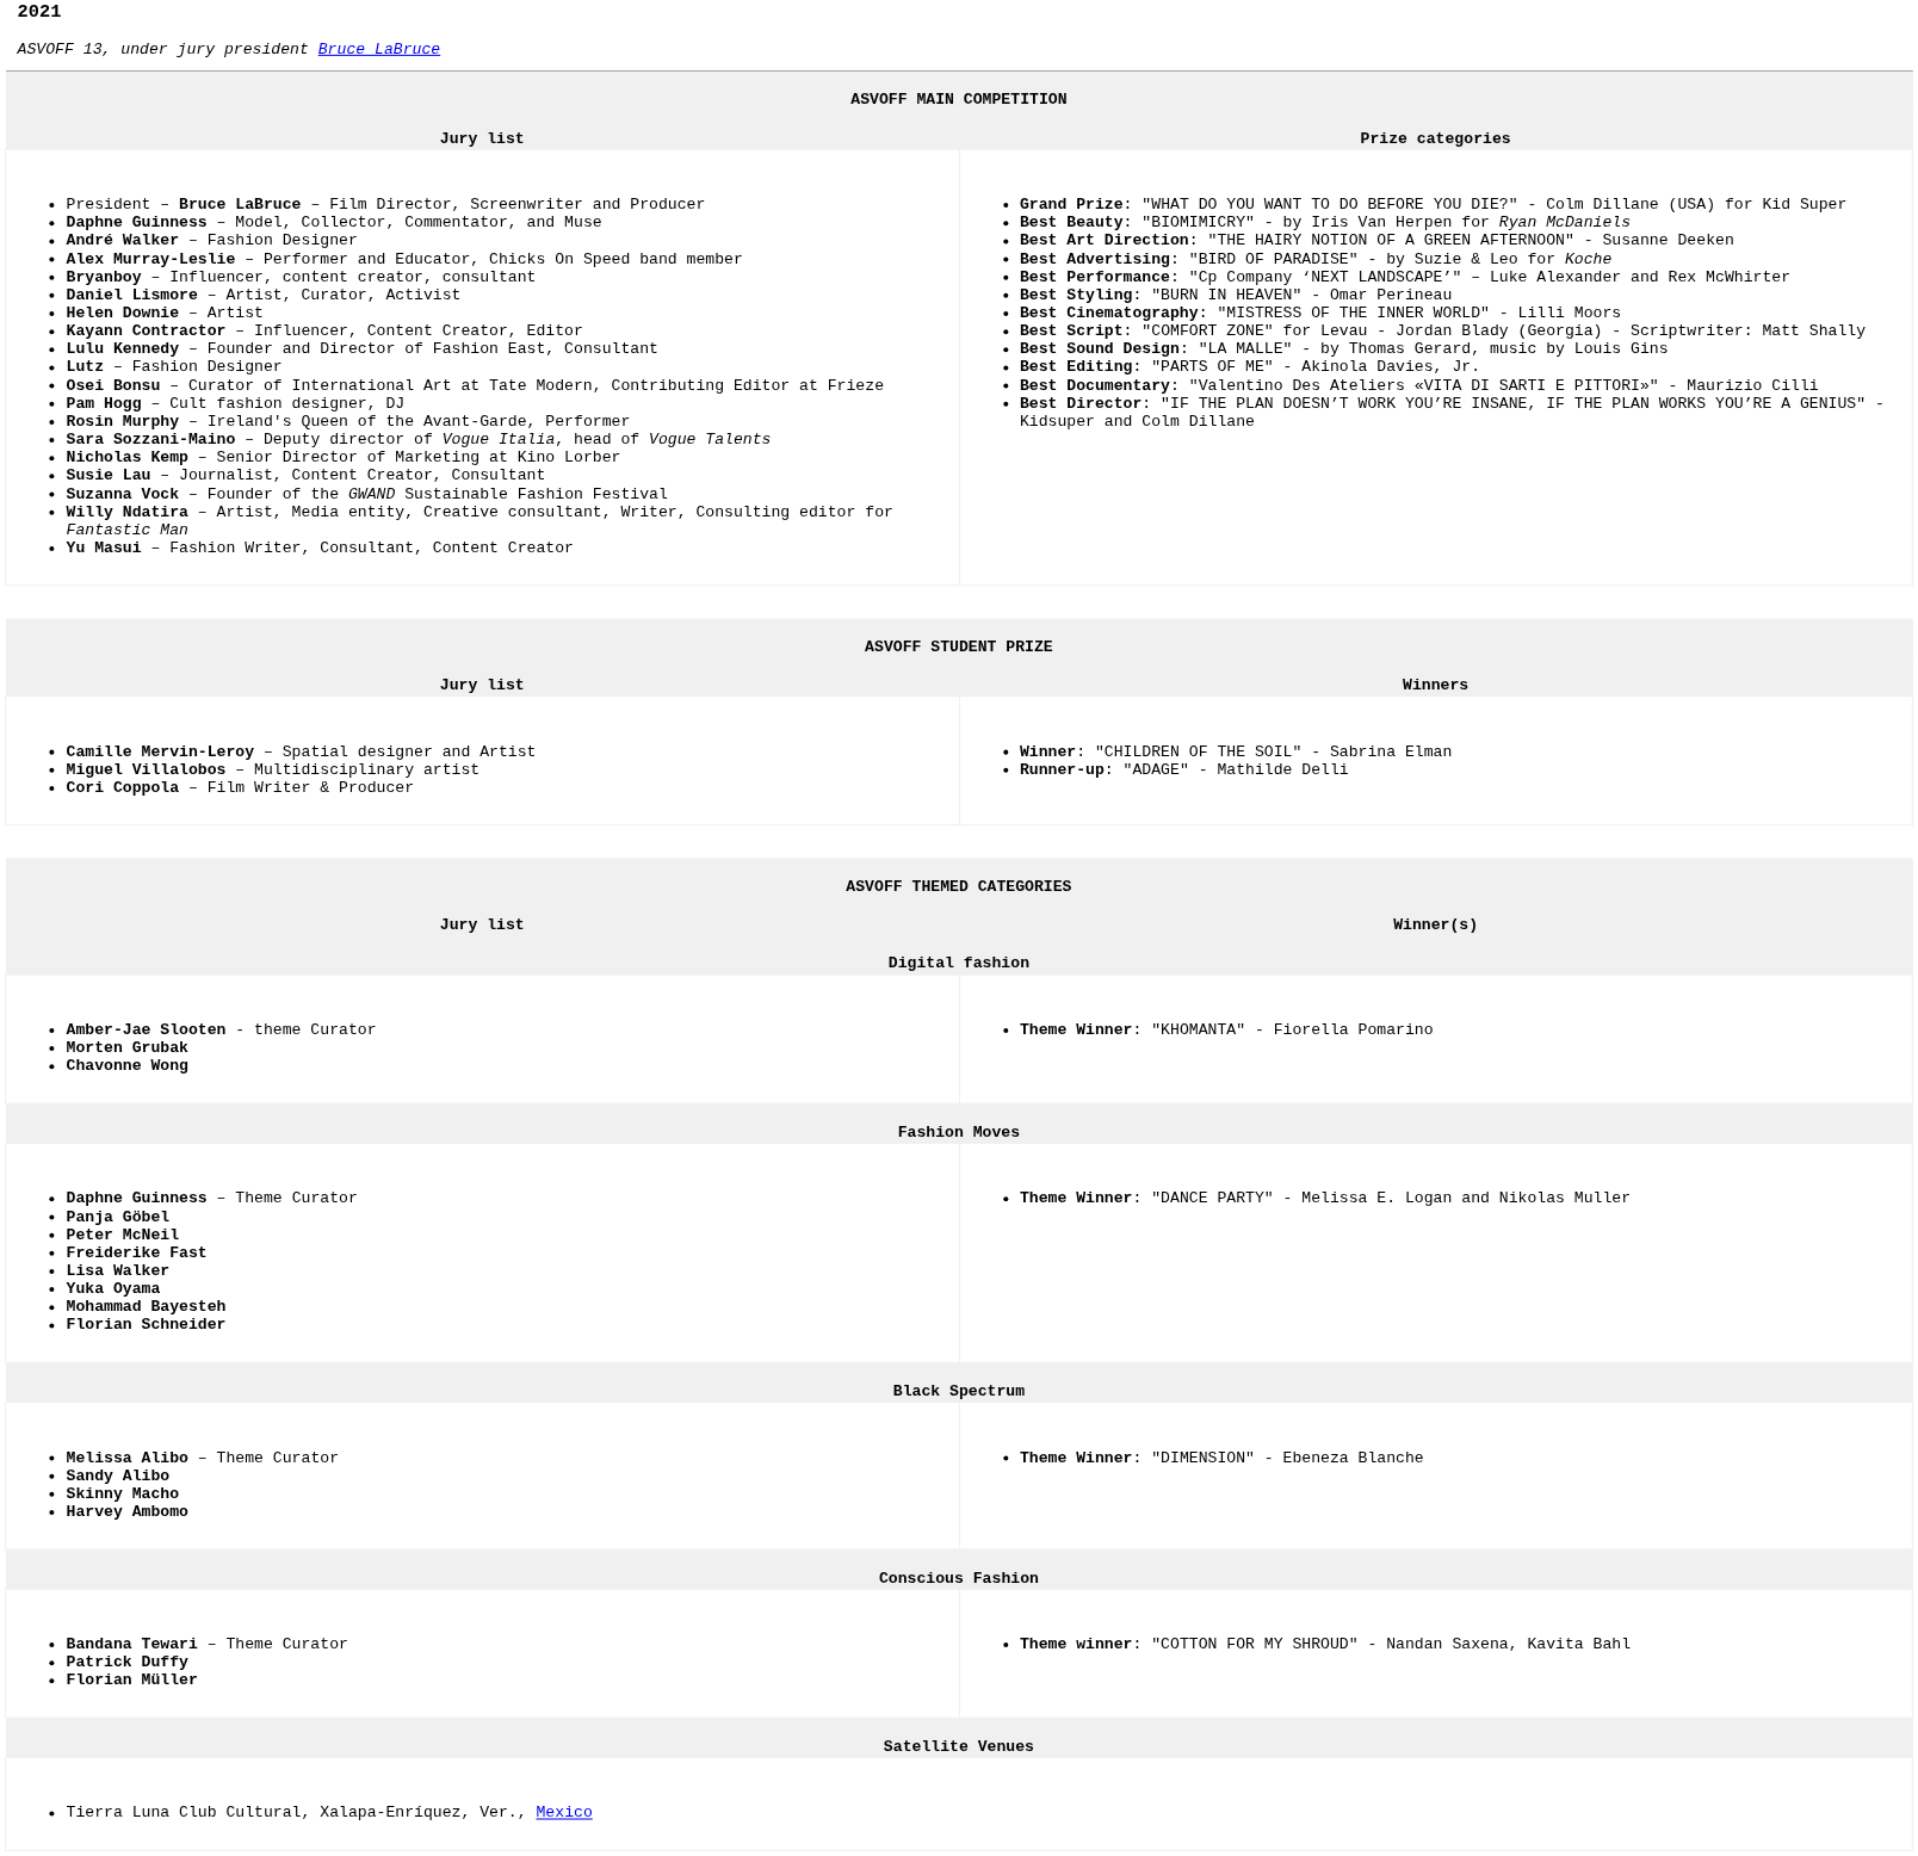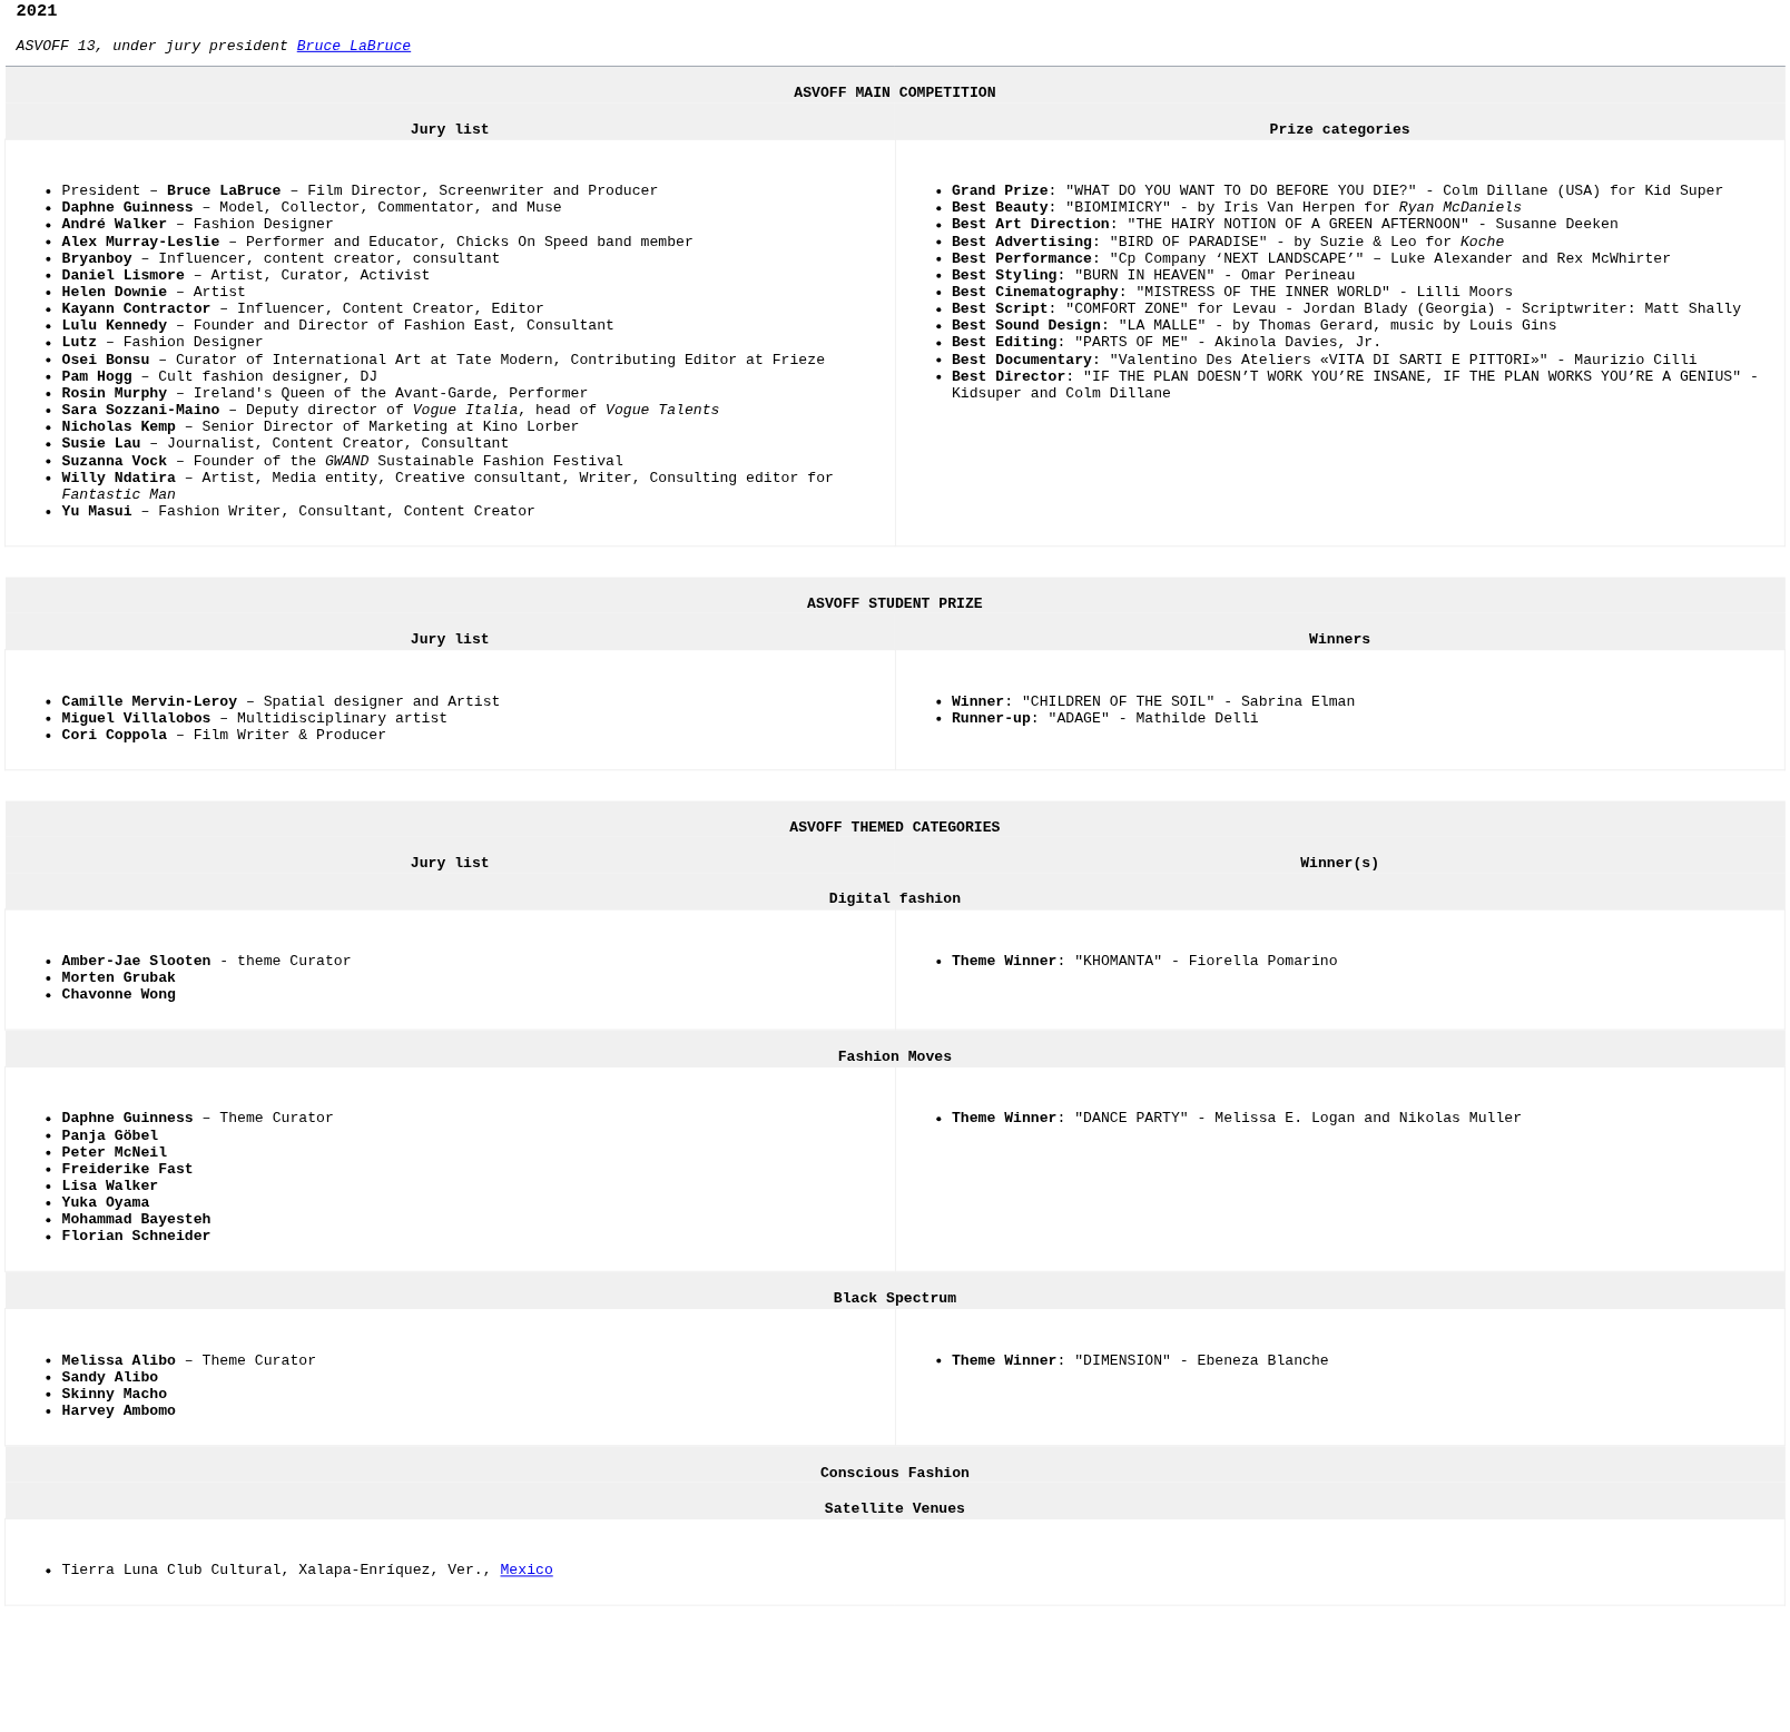 <table style="border-collapse:collapse;width:100%;margin-bottom:25px;">
 <tr>
 <td colspan="2" style="padding:10px;vertical-align:top;border-bottom:1px solid #a2a9b1;"><br><h3>2021</h3><em>ASVOFF 13, under jury president <a href='#'>Bruce LaBruce</a></em></td>
 </tr>
 <tr>
 <th colspan="2"  style="background-color:#f0f0f0;text-align:center;"><br><strong>ASVOFF MAIN COMPETITION</strong></th>
 </tr>
 <tr>
 <th style="text-align: center;width:50%;background-color:#f0f0f0;"><br><strong>Jury list</strong></th>
 <th style="text-align: center;width:50%;background-color:#f0f0f0;"><br>Prize categories</th>
 </tr>
 <tr>
 <td style="padding:10px;vertical-align:top;border:1px solid #f0f0f0;"><br><ul><li>President – <strong>Bruce LaBruce</strong> – Film Director, Screenwriter and Producer</li><li><strong>Daphne Guinness</strong> – Model, Collector, Commentator, and Muse</li><li><strong>André Walker</strong> – Fashion Designer</li><li><strong>Alex Murray-Leslie</strong> – Performer and Educator, Chicks On Speed band member</li><li><strong>Bryanboy</strong> – Influencer, content creator, consultant</li><li><strong>Daniel Lismore</strong> – Artist, Curator, Activist</li><li><strong>Helen Downie</strong> – Artist</li><li><strong>Kayann Contractor</strong> – Influencer, Content Creator, Editor</li><li><strong>Lulu Kennedy</strong> – Founder and Director of Fashion East, Consultant</li><li><strong>Lutz</strong> – Fashion Designer</li><li><strong>Osei Bonsu</strong> – Curator of International Art at Tate Modern, Contributing Editor at Frieze</li><li><strong>Pam Hogg</strong> – Cult fashion designer, DJ</li><li><strong>Rosin Murphy</strong> – Ireland's Queen of the Avant-Garde, Performer</li><li><strong>Sara Sozzani-Maino</strong> – Deputy director of <em>Vogue Italia</em>, head of <em>Vogue Talents</em></li><li><strong>Nicholas Kemp</strong> – Senior Director of Marketing at Kino Lorber</li><li><strong>Susie Lau</strong> – Journalist, Content Creator, Consultant</li><li><strong>Suzanna Vock</strong> – Founder of the <em>GWAND</em> Sustainable Fashion Festival</li><li><strong>Willy Ndatira</strong> – Artist, Media entity, Creative consultant, Writer, Consulting editor for <em>Fantastic Man</em></li><li><strong>Yu Masui</strong> – Fashion Writer, Consultant, Content Creator</li></ul></td>
 <td style="padding:10px;vertical-align:top;border:1px solid #f0f0f0;"><br><ul><li><strong>Grand Prize</strong>: "WHAT DO YOU WANT TO DO BEFORE YOU DIE?" - Colm Dillane (USA) for Kid Super</li><li><strong>Best Beauty</strong>: "BIOMIMICRY" - by Iris Van Herpen for <em>Ryan McDaniels</em></li><li><strong>Best Art Direction</strong>: "THE HAIRY NOTION OF A GREEN AFTERNOON" - Susanne Deeken</li><li><strong>Best Advertising</strong>: "BIRD OF PARADISE" - by Suzie & Leo for <em>Koche</em></li><li><strong>Best Performance</strong>: "Cp Company ‘NEXT LANDSCAPE’" – Luke Alexander and Rex McWhirter</li><li><strong>Best Styling</strong>: "BURN IN HEAVEN" - Omar Perineau</li><li><strong>Best Cinematography</strong>: "MISTRESS OF THE INNER WORLD" - Lilli Moors</li><li><strong>Best Script</strong>: "COMFORT ZONE" for Levau - Jordan Blady (Georgia) - Scriptwriter: Matt Shally</li><li><strong>Best Sound Design</strong>: "LA MALLE" - by Thomas Gerard, music by Louis Gins</li><li><strong>Best Editing</strong>: "PARTS OF ME" - Akinola Davies, Jr.</li><li><strong>Best Documentary</strong>: "Valentino Des Ateliers «VITA DI SARTI E PITTORI»" - Maurizio Cilli</li><li><strong>Best Director</strong>: "IF THE PLAN DOESN’T WORK YOU’RE INSANE, IF THE PLAN WORKS YOU’RE A GENIUS" - Kidsuper and Colm Dillane</li></ul></td>
 </tr>
 <tr>
 <th colspan="2" style="height:25px;"></th>
 </tr>
 <tr>
 <th colspan="2" style="background-color:#f0f0f0;text-align:center;"><br><strong>ASVOFF STUDENT PRIZE</strong></th>
 </tr>
 <tr>
 <th style="text-align: center;width:50%;background-color:#f0f0f0;"><br><strong>Jury list</strong></th>
 <th style="text-align: center;width:50%;background-color:#f0f0f0;"><br>Winners</th>
 </tr>
 <tr>
 <td style="padding:10px;vertical-align:top;border:1px solid #f0f0f0;"><br><ul><li><strong>Camille Mervin-Leroy</strong> – Spatial designer and Artist</li><li><strong>Miguel Villalobos</strong> – Multidisciplinary artist</li><li><strong>Cori Coppola</strong> – Film Writer & Producer</li></ul></td>
 <td style="padding:10px;vertical-align:top;border:1px solid #f0f0f0;"><br><ul><li><strong>Winner</strong>: "CHILDREN OF THE SOIL" - Sabrina Elman</li><li><strong>Runner-up</strong>: "ADAGE" - Mathilde Delli</li></ul></td>
 </tr>
 <tr>
 <th colspan="2" style="height:25px;"></th>
 </tr>
 <tr>
 <th colspan="2"  style="background-color:#f0f0f0;text-align:center;"><br><strong>ASVOFF THEMED CATEGORIES</strong></th>
 </tr>
 <tr>
 <th style="text-align: center;width:50%;background-color:#f0f0f0;"><br><strong>Jury list</strong></th>
 <th style="text-align: center;width:50%;background-color:#f0f0f0;"><br>Winner(s)</th>
 </tr>
 <tr>
 <th colspan="2"  style="background-color:#f0f0f0;text-align:center;"><br><strong>Digital fashion</strong></th>
 </tr>
 <tr>
 <td style="padding:10px;vertical-align:top;border:1px solid #f0f0f0;"><br><ul><li><strong>Amber-Jae Slooten</strong> - theme Curator</li><li><strong>Morten Grubak</strong></li><li><strong>Chavonne Wong</strong></li></ul></td>
 <td style="padding:10px;vertical-align:top;border:1px solid #f0f0f0;"><br><ul><li><strong>Theme Winner</strong>: "KHOMANTA" - Fiorella Pomarino</li></ul></td>
 </tr>
 <tr>
 <th colspan="2"  style="background-color:#f0f0f0;text-align:center;"><br><strong>Fashion Moves</strong></th>
 </tr>
 <tr>
 <td style="padding:10px;vertical-align:top;border:1px solid #f0f0f0;"><br><ul><li><strong>Daphne Guinness</strong> – Theme Curator</li><li><strong>Panja Göbel</strong></li><li><strong>Peter McNeil</strong></li><li><strong>Freiderike Fast</strong></li><li><strong>Lisa Walker</strong></li><li><strong>Yuka Oyama</strong></li><li><strong>Mohammad Bayesteh</strong></li><li><strong>Florian Schneider</strong></li></ul></td>
 <td style="padding:10px;vertical-align:top;border:1px solid #f0f0f0;"><br><ul><li><strong>Theme Winner</strong>: "DANCE PARTY" - Melissa E. Logan and Nikolas Muller</li></ul></td>
 </tr>
 <tr>
 <th colspan="2"  style="background-color:#f0f0f0;text-align:center;"><br><strong>Black Spectrum</strong></th>
 </tr>
 <tr>
 <td style="padding:10px;vertical-align:top;border:1px solid #f0f0f0;"><br><ul><li><strong>Melissa Alibo</strong> – Theme Curator</li><li><strong>Sandy Alibo</strong></li><li><strong>Skinny Macho</strong></li><li><strong>Harvey Ambomo</strong></li></ul></td>
 <td style="padding:10px;vertical-align:top;border:1px solid #f0f0f0;"><br><ul><li><strong>Theme Winner</strong>: "DIMENSION" - Ebeneza Blanche</li></ul></td>
 </tr>
 <tr>
 <th colspan="2"  style="background-color:#f0f0f0;text-align:center;"><br><strong>Conscious Fashion</strong></th>
 </tr>
 <tr>
-<td style="padding:10px;vertical-align:top;border:1px solid #f0f0f0;"><br><ul><li><strong>Bandana Tewari</strong> – Theme Curator</li><li><strong>Patrick Duffy</strong></li><li><strong>Florian Müller</strong></li></ul></td>
-<td style="padding:10px;vertical-align:top;border:1px solid #f0f0f0;"><br><ul><li><strong>Theme winner</strong>: "COTTON FOR MY SHROUD" - Nandan Saxena, Kavita Bahl</li></ul></td>
-</tr>
-<tr>
 <th colspan="2"  style="background-color:#f0f0f0;"><br><strong>Satellite Venues</strong></th>
 </tr>
 <tr>
 <td colspan="2" style="padding:10px;vertical-align:top;border:1px solid #f0f0f0;"><br><ul><li>Tierra Luna Club Cultural, Xalapa-Enríquez, Ver., <a href='#'>Mexico</a></li></ul></td>
 </tr>
 </table>
